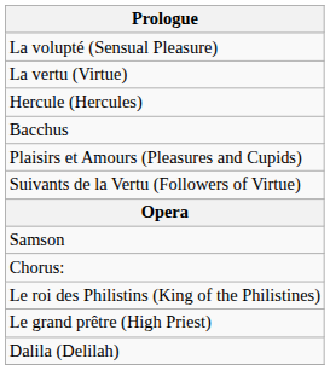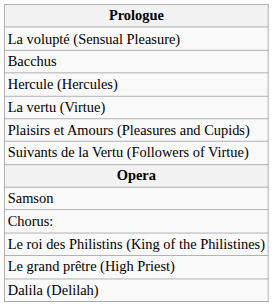 <table class="wikitable">
 <tr>
 <th>Prologue</th>
 </tr>
 <tr>
 <td>La volupté (Sensual Pleasure)</td>
 </tr>
 <tr>
-<td>La vertu (Virtue)</td>
+<td>Bacchus</td>
 </tr>
 <tr>
 <td>Hercule (Hercules)</td>
 </tr>
 <tr>
-<td>Bacchus</td>
+<td>La vertu (Virtue)</td>
 </tr>
 <tr>
 <td>Plaisirs et Amours (Pleasures and Cupids)</td>
 </tr>
 <tr>
 <td>Suivants de la Vertu (Followers of Virtue)</td>
 </tr>
 <tr>
 <th>Opera</th>
 </tr>
 <tr>
 <td>Samson</td>
 </tr>
 <tr>
 <td>Chorus:</td>
 </tr>
 <tr>
 <td>Le roi des Philistins (King of the Philistines)</td>
 </tr>
 <tr>
 <td>Le grand prêtre (High Priest)</td>
 </tr>
 <tr>
 <td>Dalila (Delilah)</td>
 </tr>
 <tr>
 </tr>
 </table>
